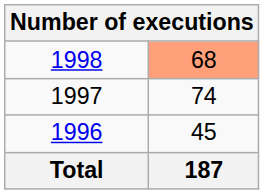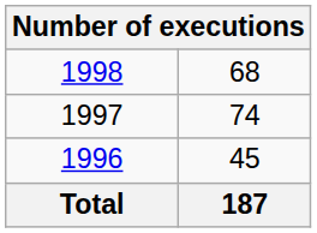 <table class="wikitable" style="text-align:center;">
 <tr>
 <th ! colspan="2">Number of executions</th>
 </tr>
 <tr>
 <td><a href='#'>1998</a></td>
-<td style="background: lightsalmon;">68</td>
+<td>68</td>
 </tr>
 <tr>
 <td>1997</td>
 <td>74</td>
 </tr>
 <tr>
 <td><a href='#'>1996</a></td>
 <td>45</td>
 </tr>
 <tr>
 <th>Total</th>
 <th>187</th>
 </tr>
 </table>
